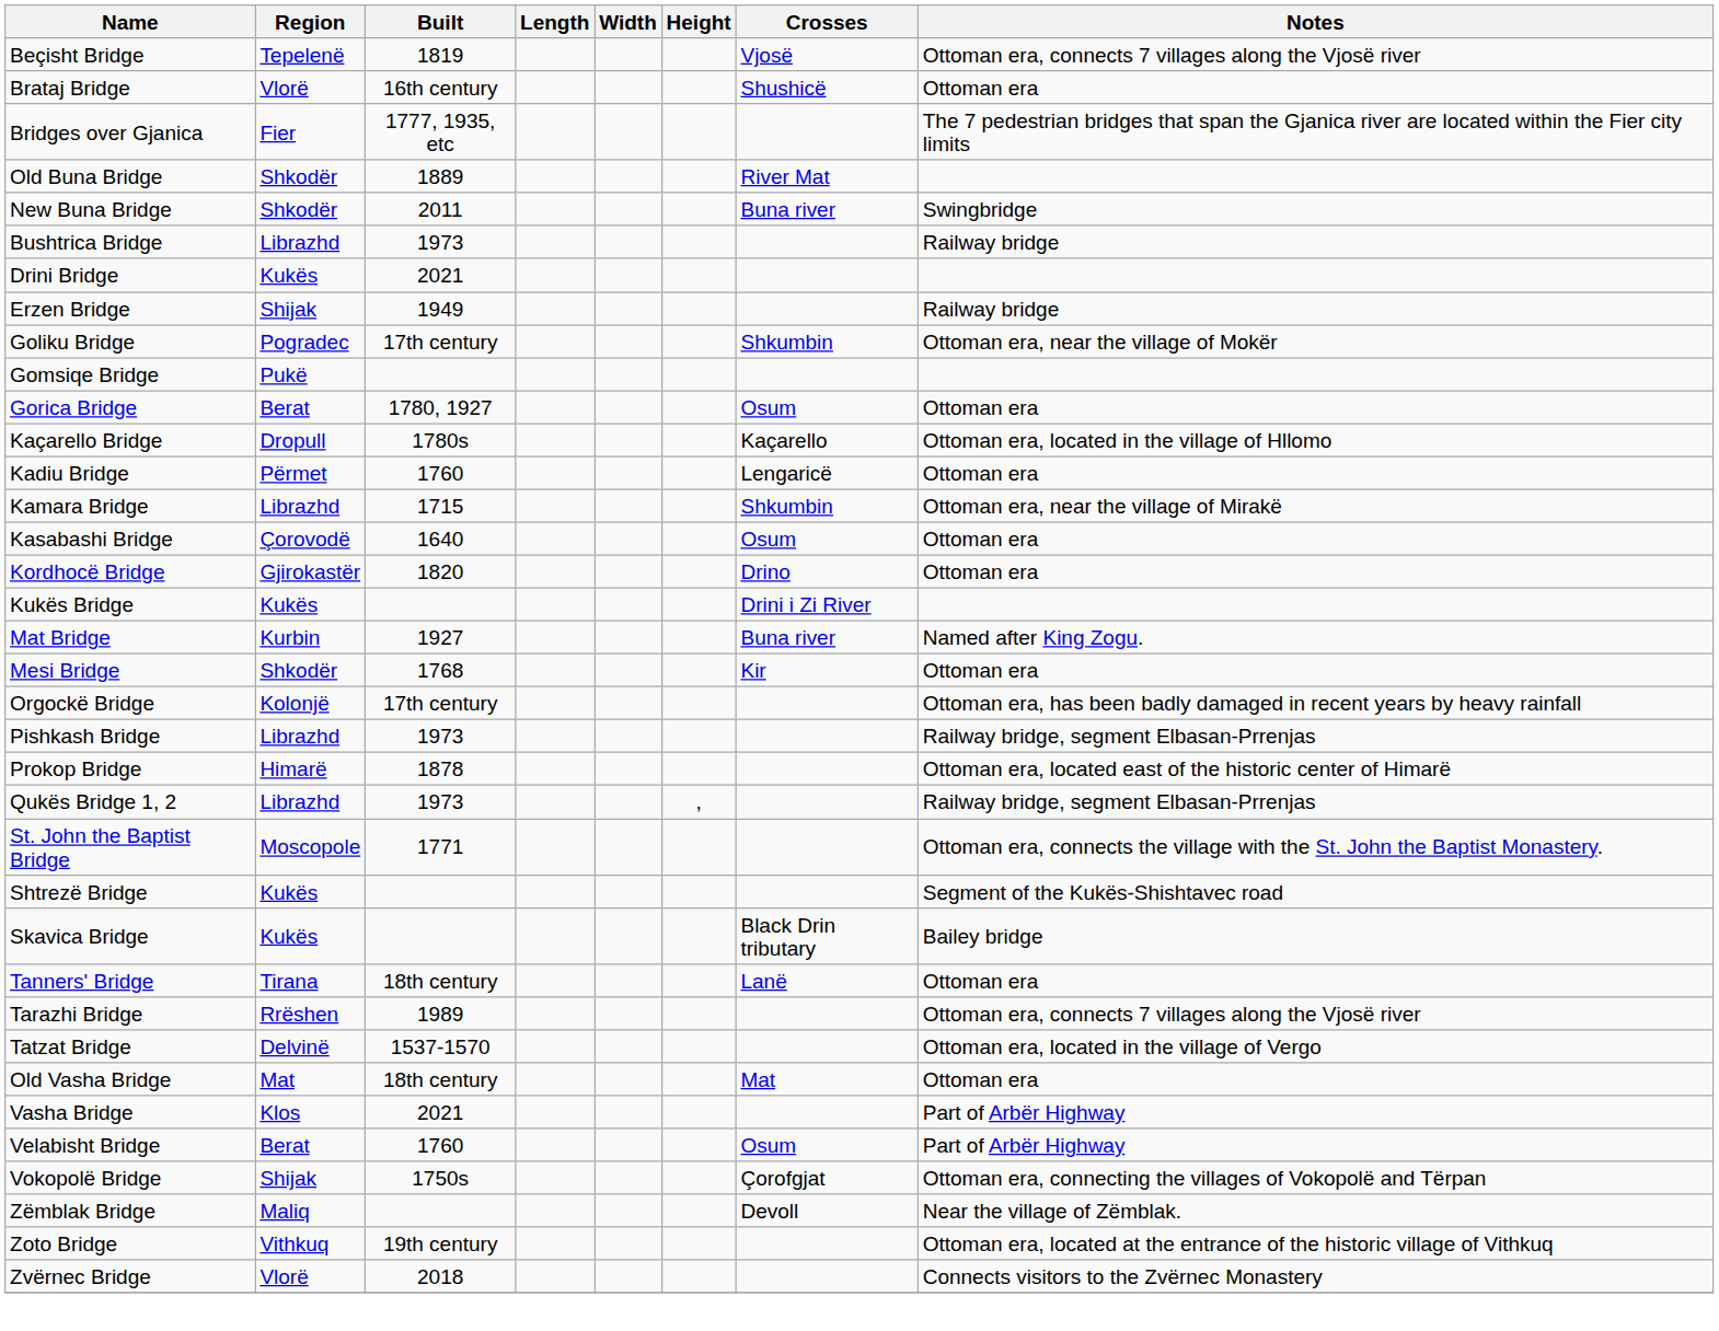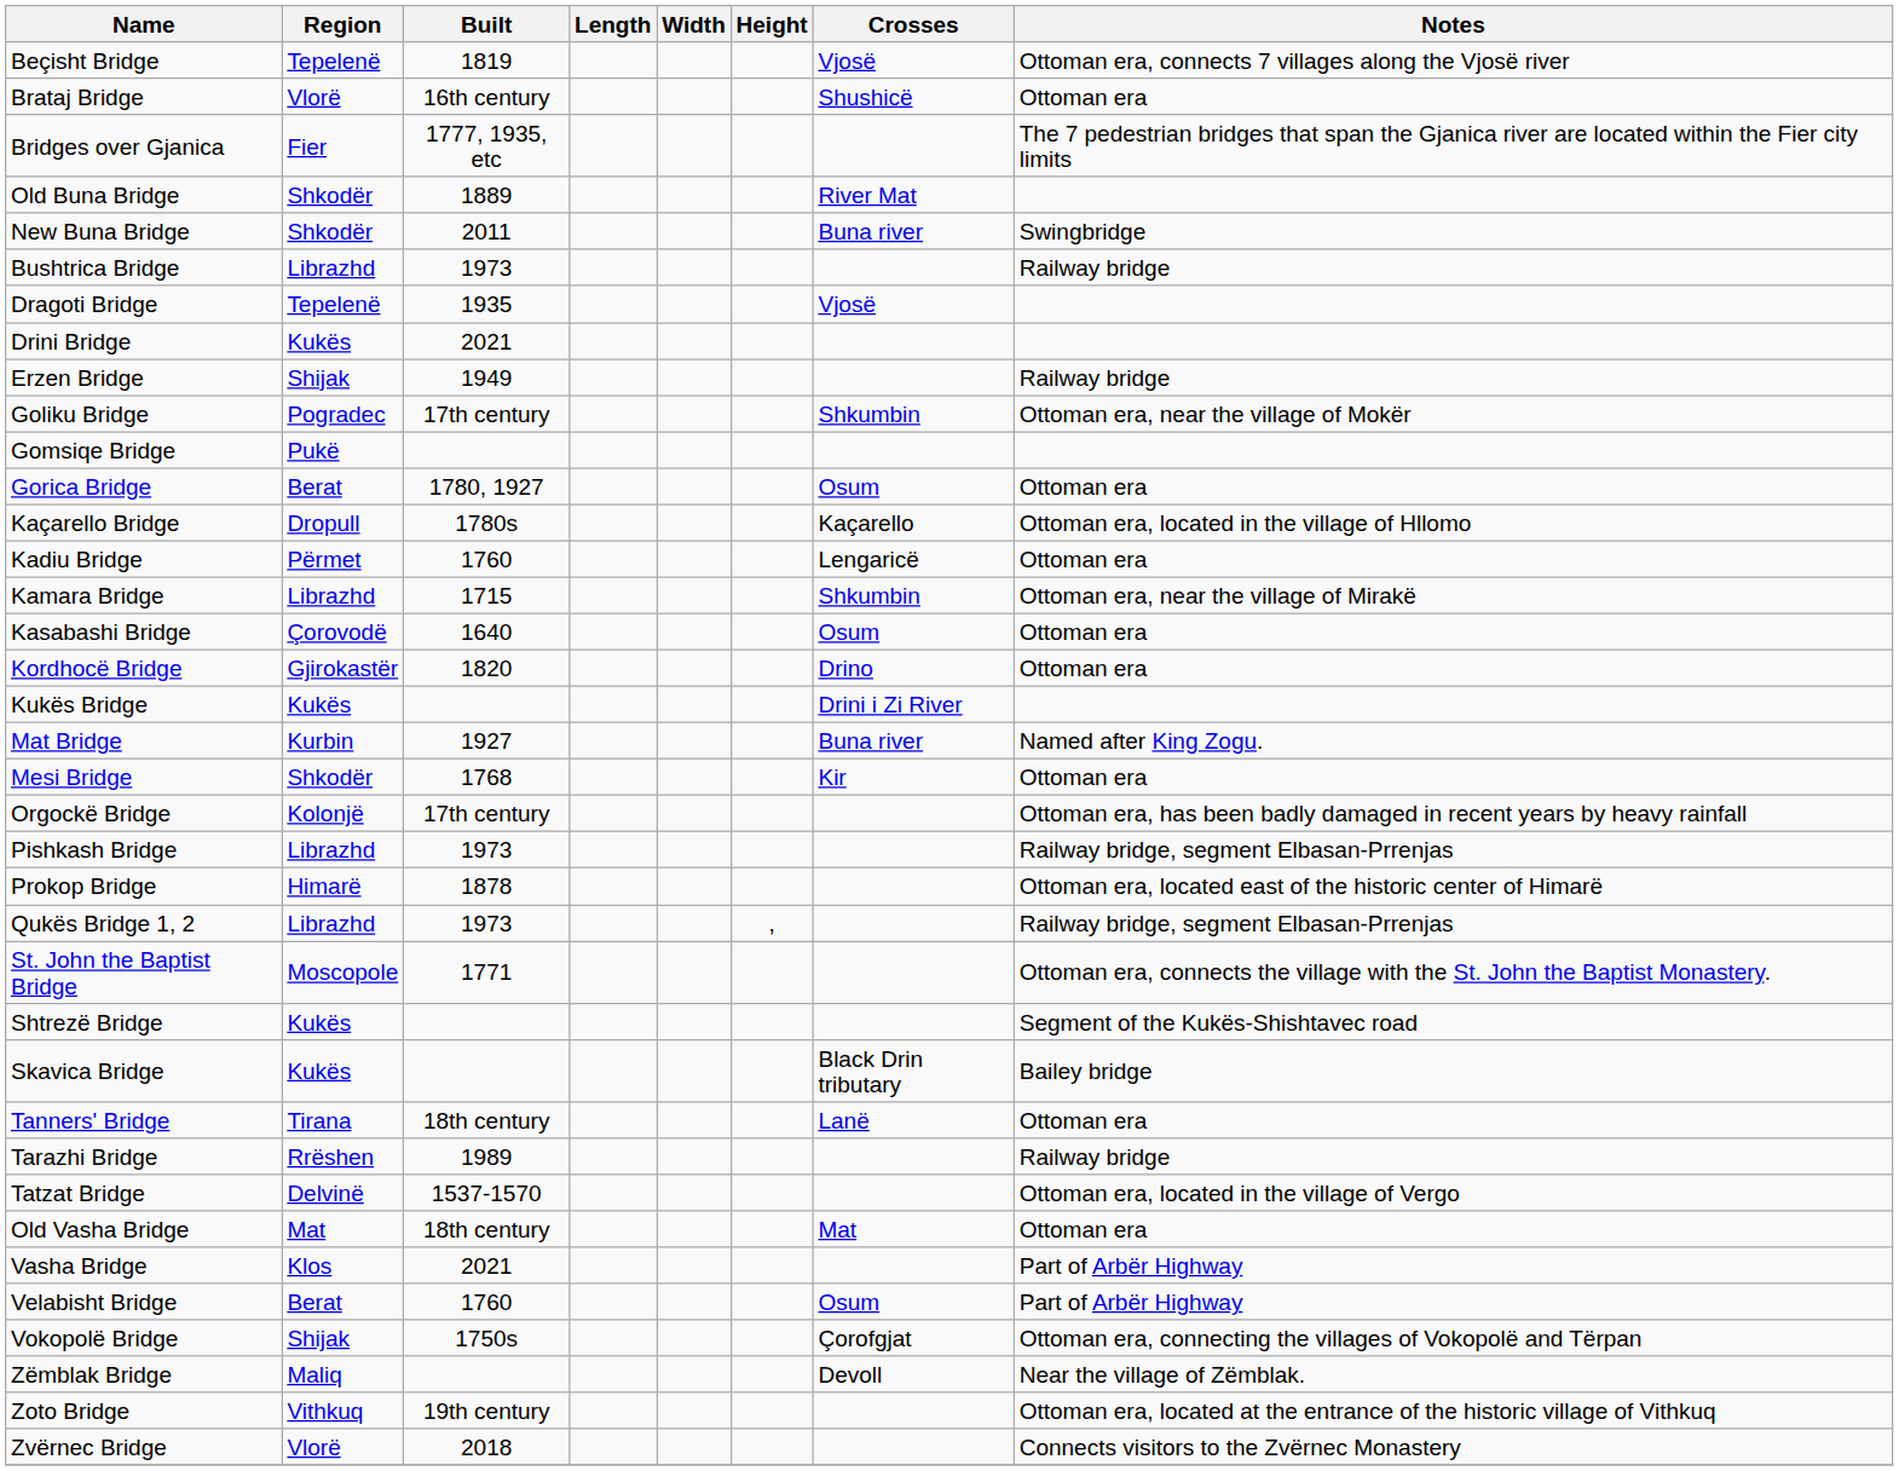 <table class="wikitable sortable" style="font-size:95%;">
 <tr>
 <th>Name</th>
 <th>Region</th>
 <th>Built</th>
 <th>Length</th>
 <th>Width</th>
 <th>Height</th>
 <th>Crosses</th>
 <th class="unsortable">Notes</th>
 </tr>
 <tr>
 <td>Beçisht Bridge</td>
 <td><a href='#'>Tepelenë</a></td>
 <td align="center">1819</td>
 <td align="center"></td>
 <td align="center"></td>
 <td align="center"></td>
 <td><a href='#'>Vjosë</a></td>
 <td>Ottoman era, connects 7 villages along the Vjosë river</td>
 </tr>
 <tr>
 <td>Brataj Bridge</td>
 <td><a href='#'>Vlorë</a></td>
 <td align="center">16th century</td>
 <td align="center"></td>
 <td align="center"></td>
 <td align="center"></td>
 <td><a href='#'>Shushicë</a></td>
 <td>Ottoman era</td>
 </tr>
 <tr>
 <td>Bridges over Gjanica</td>
 <td><a href='#'>Fier</a></td>
 <td align="center">1777, 1935, etc</td>
 <td align="center"></td>
 <td align="center"></td>
 <td align="center"></td>
 <td></td>
 <td>The 7 pedestrian bridges that span the Gjanica river are located within the Fier city limits</td>
 </tr>
 <tr>
 <td>Old Buna Bridge</td>
 <td><a href='#'>Shkodër</a></td>
 <td align="center">1889</td>
 <td align="center"></td>
 <td align="center"></td>
 <td align="center"></td>
 <td><a href='#'>River Mat</a></td>
 <td></td>
 </tr>
 <tr>
 <td>New Buna Bridge</td>
 <td><a href='#'>Shkodër</a></td>
 <td align="center">2011</td>
 <td align="center"></td>
 <td align="center"></td>
 <td align="center"></td>
 <td><a href='#'>Buna river</a></td>
 <td>Swingbridge</td>
 </tr>
 <tr>
 <td>Bushtrica Bridge</td>
 <td><a href='#'>Librazhd</a></td>
 <td align="center">1973</td>
 <td align="center"></td>
 <td align="center"></td>
 <td align="center"></td>
 <td></td>
 <td>Railway bridge</td>
+</tr>
+<tr>
+<td>Dragoti Bridge</td>
+<td><a href='#'>Tepelenë</a></td>
+<td align="center">1935</td>
+<td align="center"></td>
+<td align="center"></td>
+<td align="center"></td>
+<td><a href='#'>Vjosë</a></td>
+<td></td>
 </tr>
 <tr>
 <td>Drini Bridge</td>
 <td><a href='#'>Kukës</a></td>
 <td align="center">2021</td>
 <td align="center"></td>
 <td align="center"></td>
 <td align="center"></td>
 <td></td>
 <td></td>
 </tr>
 <tr>
 <td>Erzen Bridge</td>
 <td><a href='#'>Shijak</a></td>
 <td align="center">1949</td>
 <td align="center"></td>
 <td align="center"></td>
 <td align="center"></td>
 <td align="center"></td>
 <td>Railway bridge</td>
 </tr>
 <tr>
 <td>Goliku Bridge</td>
 <td><a href='#'>Pogradec</a></td>
 <td align="center">17th century</td>
 <td align="center"></td>
 <td align="center"></td>
 <td align="center"></td>
 <td><a href='#'>Shkumbin</a></td>
 <td>Ottoman era, near the village of Mokër</td>
 </tr>
 <tr>
 <td>Gomsiqe Bridge</td>
 <td><a href='#'>Pukë</a></td>
 <td align="center"></td>
 <td align="center"></td>
 <td align="center"></td>
 <td align="center"></td>
 <td></td>
 <td></td>
 </tr>
 <tr>
 <td><a href='#'>Gorica Bridge</a></td>
 <td><a href='#'>Berat</a></td>
 <td align="center">1780, 1927</td>
 <td align="center"></td>
 <td align="center"></td>
 <td align="center"></td>
 <td><a href='#'>Osum</a></td>
 <td>Ottoman era</td>
 </tr>
 <tr>
 <td>Kaçarello Bridge</td>
 <td><a href='#'>Dropull</a></td>
 <td align="center">1780s</td>
 <td align="center"></td>
 <td align="center"></td>
 <td align="center"></td>
 <td>Kaçarello</td>
 <td>Ottoman era, located in the village of Hllomo</td>
 </tr>
 <tr>
 <td>Kadiu Bridge</td>
 <td><a href='#'>Përmet</a></td>
 <td align="center">1760</td>
 <td align="center"></td>
 <td align="center"></td>
 <td align="center"></td>
 <td>Lengaricë</td>
 <td>Ottoman era</td>
 </tr>
 <tr>
 <td>Kamara Bridge</td>
 <td><a href='#'>Librazhd</a></td>
 <td align="center">1715</td>
 <td align="center"></td>
 <td align="center"></td>
 <td align="center"></td>
 <td><a href='#'>Shkumbin</a></td>
 <td>Ottoman era, near the village of Mirakë</td>
 </tr>
 <tr>
 <td>Kasabashi Bridge</td>
 <td><a href='#'>Çorovodë</a></td>
 <td align="center">1640</td>
 <td align="center"></td>
 <td align="center"></td>
 <td align="center"></td>
 <td><a href='#'>Osum</a></td>
 <td>Ottoman era</td>
 </tr>
 <tr>
 <td><a href='#'>Kordhocë Bridge</a></td>
 <td><a href='#'>Gjirokastër</a></td>
 <td align="center">1820</td>
 <td align="center"></td>
 <td align="center"></td>
 <td align="center"></td>
 <td><a href='#'>Drino</a></td>
 <td>Ottoman era</td>
 </tr>
 <tr>
 <td>Kukës Bridge</td>
 <td><a href='#'>Kukës</a></td>
 <td align="center"></td>
 <td align="center"></td>
 <td align="center"></td>
 <td align="center"></td>
 <td><a href='#'>Drini i Zi River</a></td>
 <td></td>
 </tr>
 <tr>
 <td><a href='#'>Mat Bridge</a></td>
 <td><a href='#'>Kurbin</a></td>
 <td align="center">1927</td>
 <td align="center"></td>
 <td align="center"></td>
 <td align="center"></td>
 <td><a href='#'>Buna river</a></td>
 <td>Named after <a href='#'>King Zogu</a>.</td>
 </tr>
 <tr>
 <td><a href='#'>Mesi Bridge</a></td>
 <td><a href='#'>Shkodër</a></td>
 <td align="center">1768</td>
 <td align="center"></td>
 <td align="center"></td>
 <td align="center"></td>
 <td><a href='#'>Kir</a></td>
 <td>Ottoman era</td>
 </tr>
 <tr>
 <td>Orgockë Bridge</td>
 <td><a href='#'>Kolonjë</a></td>
 <td align="center">17th century</td>
 <td align="center"></td>
 <td align="center"></td>
 <td align="center"></td>
 <td></td>
 <td>Ottoman era, has been badly damaged in recent years by heavy rainfall</td>
 </tr>
 <tr>
 <td>Pishkash Bridge</td>
 <td><a href='#'>Librazhd</a></td>
 <td align="center">1973</td>
 <td align="center"></td>
 <td align="center"></td>
 <td align="center"></td>
 <td></td>
 <td>Railway bridge, segment Elbasan-Prrenjas</td>
 </tr>
 <tr>
 <td>Prokop Bridge</td>
 <td><a href='#'>Himarë</a></td>
 <td align="center">1878</td>
 <td align="center"></td>
 <td align="center"></td>
 <td align="center"></td>
 <td></td>
 <td>Ottoman era, located east of the historic center of Himarë</td>
 </tr>
 <tr>
 <td>Qukës Bridge 1, 2</td>
 <td><a href='#'>Librazhd</a></td>
 <td align="center">1973</td>
 <td align="center"></td>
 <td align="center"></td>
 <td align="center">, </td>
 <td></td>
 <td>Railway bridge, segment Elbasan-Prrenjas</td>
 </tr>
 <tr>
 <td><a href='#'>St. John the Baptist Bridge</a></td>
 <td><a href='#'>Moscopole</a></td>
 <td align="center">1771</td>
 <td align="center"></td>
 <td align="center"></td>
 <td align="center"></td>
 <td></td>
 <td>Ottoman era, connects the village with the <a href='#'>St. John the Baptist Monastery</a>.</td>
 </tr>
 <tr>
 <td>Shtrezë Bridge</td>
 <td><a href='#'>Kukës</a></td>
 <td align="center"></td>
 <td align="center"></td>
 <td align="center"></td>
 <td align="center"></td>
 <td></td>
 <td>Segment of the Kukës-Shishtavec road</td>
 </tr>
 <tr>
 <td>Skavica Bridge</td>
 <td><a href='#'>Kukës</a></td>
 <td align="center"></td>
 <td align="center"></td>
 <td align="center"></td>
 <td align="center"></td>
 <td>Black Drin tributary</td>
 <td>Bailey bridge</td>
 </tr>
 <tr>
 <td><a href='#'>Tanners' Bridge</a></td>
 <td><a href='#'>Tirana</a></td>
 <td align="center">18th century</td>
 <td align="center"></td>
 <td align="center"></td>
 <td align="center"></td>
 <td><a href='#'>Lanë</a></td>
 <td>Ottoman era</td>
 </tr>
 <tr>
 <td>Tarazhi Bridge</td>
 <td><a href='#'>Rrëshen</a></td>
 <td align="center">1989</td>
 <td align="center"></td>
 <td align="center"></td>
 <td align="center"></td>
 <td></td>
-<td>Ottoman era, connects 7 villages along the Vjosë river</td>
+<td>Railway bridge</td>
 </tr>
 <tr>
 <td>Tatzat Bridge</td>
 <td><a href='#'>Delvinë</a></td>
 <td align="center">1537-1570</td>
 <td align="center"></td>
 <td align="center"></td>
 <td align="center"></td>
 <td></td>
 <td>Ottoman era, located in the village of Vergo</td>
 </tr>
 <tr>
 <td>Old Vasha Bridge</td>
 <td><a href='#'>Mat</a></td>
 <td align="center">18th century</td>
 <td align="center"></td>
 <td align="center"></td>
 <td align="center"></td>
 <td><a href='#'>Mat</a></td>
 <td>Ottoman era</td>
 </tr>
 <tr>
 <td>Vasha Bridge</td>
 <td><a href='#'>Klos</a></td>
 <td align="center">2021</td>
 <td align="center"></td>
 <td align="center"></td>
 <td align="center"></td>
 <td></td>
 <td>Part of <a href='#'>Arbër Highway</a></td>
 </tr>
 <tr>
 <td>Velabisht Bridge</td>
 <td><a href='#'>Berat</a></td>
 <td align="center">1760</td>
 <td align="center"></td>
 <td align="center"></td>
 <td align="center"></td>
 <td><a href='#'>Osum</a></td>
 <td>Part of <a href='#'>Arbër Highway</a></td>
 </tr>
 <tr>
 <td>Vokopolë Bridge</td>
 <td><a href='#'>Shijak</a></td>
 <td align="center">1750s</td>
 <td align="center"></td>
 <td align="center"></td>
 <td align="center"></td>
 <td>Çorofgjat</td>
 <td>Ottoman era, connecting the villages of Vokopolë and Tërpan</td>
 </tr>
 <tr>
 <td>Zëmblak Bridge</td>
 <td><a href='#'>Maliq</a></td>
 <td align="center"></td>
 <td align="center"></td>
 <td align="center"></td>
 <td align="center"></td>
 <td>Devoll</td>
 <td>Near the village of Zëmblak.</td>
 </tr>
 <tr>
 <td>Zoto Bridge</td>
 <td><a href='#'>Vithkuq</a></td>
 <td align="center">19th century</td>
 <td align="center"></td>
 <td align="center"></td>
 <td align="center"></td>
 <td></td>
 <td>Ottoman era, located at the entrance of the historic village of Vithkuq</td>
 </tr>
 <tr>
 <td>Zvërnec Bridge</td>
 <td><a href='#'>Vlorë</a></td>
 <td align="center">2018</td>
 <td align="center"></td>
 <td align="center"></td>
 <td align="center"></td>
 <td></td>
 <td>Connects visitors to the Zvërnec Monastery</td>
 </tr>
 <tr>
 </tr>
 </table>
